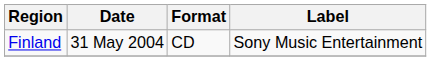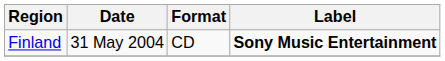 <table class=wikitable>
 <tr>
 <th>Region</th>
 <th>Date</th>
 <th>Format</th>
 <th>Label</th>
 </tr>
 <tr>
 <td><a href='#'>Finland</a></td>
 <td>31 May 2004</td>
 <td>CD</td>
-<td>Sony Music Entertainment</td>
+<td><strong>Sony Music Entertainment</strong></td>
 </tr>
 <tr>
 </tr>
 </table>
